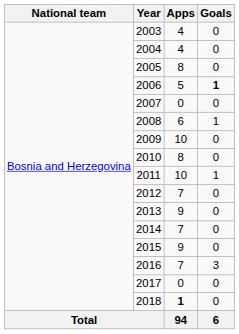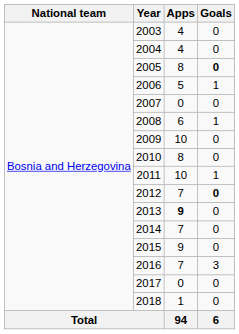 <table class="wikitable" style="text-align:center">
 <tr>
 <th>National team</th>
 <th>Year</th>
 <th>Apps</th>
 <th>Goals</th>
 </tr>
 <tr>
 <td rowspan="16"><a href='#'>Bosnia and Herzegovina</a></td>
 <td>2003</td>
 <td>4</td>
 <td>0</td>
 </tr>
 <tr>
 <td>2004</td>
 <td>4</td>
 <td>0</td>
 </tr>
 <tr>
 <td>2005</td>
 <td>8</td>
-<td>0</td>
+<td><strong>0</strong></td>
 </tr>
 <tr>
 <td>2006</td>
 <td>5</td>
-<td><strong>1</strong></td>
+<td>1</td>
 </tr>
 <tr>
 <td>2007</td>
 <td>0</td>
 <td>0</td>
 </tr>
 <tr>
 <td>2008</td>
 <td>6</td>
 <td>1</td>
 </tr>
 <tr>
 <td>2009</td>
 <td>10</td>
 <td>0</td>
 </tr>
 <tr>
 <td>2010</td>
 <td>8</td>
 <td>0</td>
 </tr>
 <tr>
 <td>2011</td>
 <td>10</td>
 <td>1</td>
 </tr>
 <tr>
 <td>2012</td>
 <td>7</td>
-<td>0</td>
+<td><strong>0</strong></td>
 </tr>
 <tr>
 <td>2013</td>
-<td>9</td>
+<td><strong>9</strong></td>
 <td>0</td>
 </tr>
 <tr>
 <td>2014</td>
 <td>7</td>
 <td>0</td>
 </tr>
 <tr>
 <td>2015</td>
 <td>9</td>
 <td>0</td>
 </tr>
 <tr>
 <td>2016</td>
 <td>7</td>
 <td>3</td>
 </tr>
 <tr>
 <td>2017</td>
 <td>0</td>
 <td>0</td>
 </tr>
 <tr>
 <td>2018</td>
-<td><strong>1</strong></td>
+<td>1</td>
 <td>0</td>
 </tr>
 <tr>
 <th colspan="2">Total</th>
 <th>94</th>
 <th>6</th>
 </tr>
 </table>
